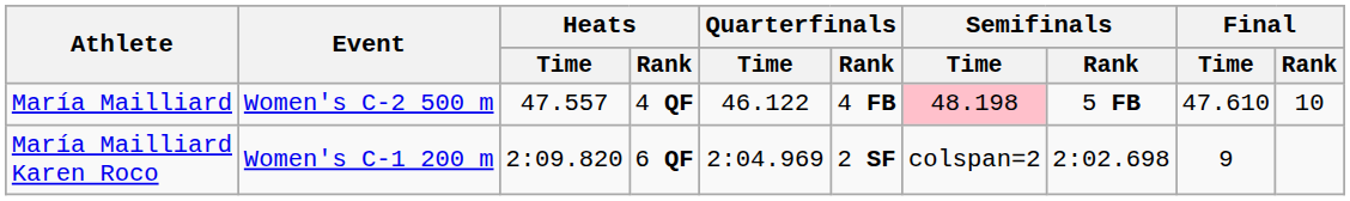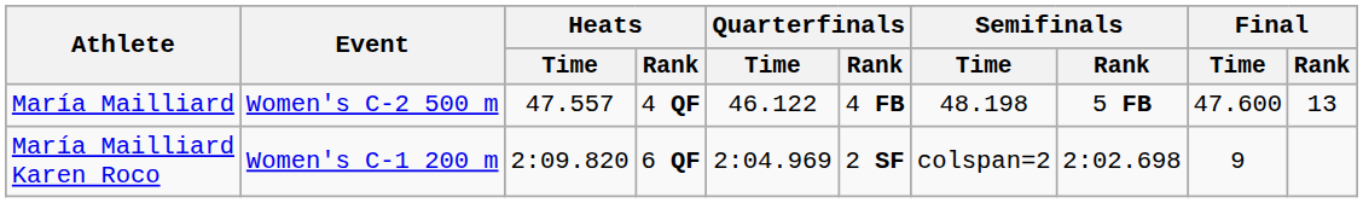 <table class=wikitable style="font-size:90%">
 <tr>
 <th rowspan="2">Athlete</th>
 <th rowspan="2">Event</th>
 <th colspan=2>Heats</th>
 <th colspan=2>Quarterfinals</th>
 <th colspan=2>Semifinals</th>
 <th colspan=2>Final</th>
 </tr>
 <tr style="font-size:95%">
 <th>Time</th>
 <th>Rank</th>
 <th>Time</th>
 <th>Rank</th>
 <th>Time</th>
 <th>Rank</th>
 <th>Time</th>
 <th>Rank</th>
 </tr>
 <tr align=center>
 <td align=left><a href='#'>María Mailliard</a></td>
 <td align=left><a href='#'>Women's C-2 500 m</a></td>
 <td>47.557</td>
 <td>4 <strong>QF</strong></td>
 <td>46.122</td>
 <td>4 <strong>FB</strong></td>
-<td style="background: pink;">48.198</td>
+<td>48.198</td>
 <td>5 <strong>FB</strong></td>
-<td>47.610</td>
-<td>10</td>
+<td>47.600</td>
+<td>13</td>
 </tr>
 <tr align=center>
 <td align=left><a href='#'>María Mailliard</a><br><a href='#'>Karen Roco</a></td>
 <td align=left><a href='#'>Women's C-1 200 m</a></td>
 <td>2:09.820</td>
 <td>6 <strong>QF</strong></td>
 <td>2:04.969</td>
 <td>2 <strong>SF</strong></td>
 <td>colspan=2 </td>
 <td>2:02.698</td>
 <td>9</td>
 </tr>
 </table>
